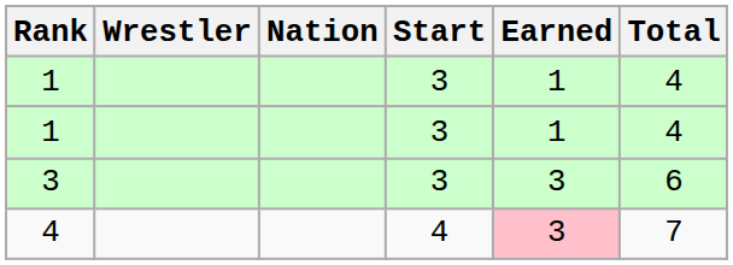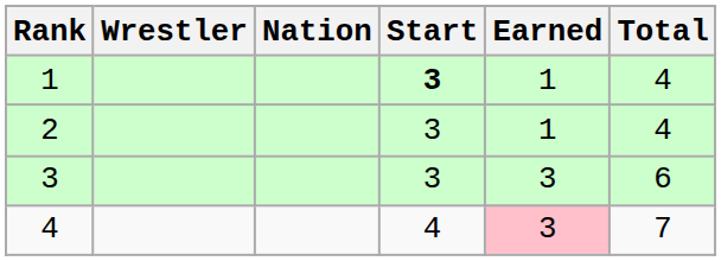 <table class="wikitable sortable" style="text-align:center;">
 <tr>
 <th>Rank</th>
 <th>Wrestler</th>
 <th>Nation</th>
 <th>Start</th>
 <th>Earned</th>
 <th>Total</th>
 </tr>
 <tr style="background:#cfc;">
 <td>1</td>
 <td align=left></td>
 <td align=left></td>
-<td>3</td>
+<td><strong>3</strong></td>
 <td>1</td>
 <td>4</td>
 </tr>
 <tr style="background:#cfc;">
-<td>1</td>
+<td>2</td>
 <td align=left></td>
 <td align=left></td>
 <td>3</td>
 <td>1</td>
 <td>4</td>
 </tr>
 <tr style="background:#cfc;">
 <td>3</td>
 <td align=left></td>
 <td align=left></td>
 <td>3</td>
 <td>3</td>
 <td>6</td>
 </tr>
 <tr>
 <td>4</td>
 <td align=left></td>
 <td align=left></td>
 <td>4</td>
 <td style="background: pink;">3</td>
 <td>7</td>
 </tr>
 </table>
